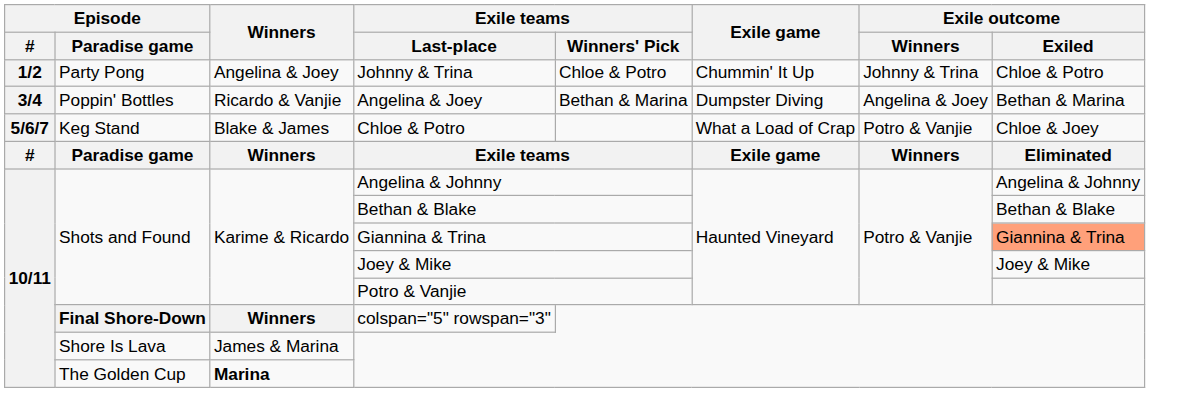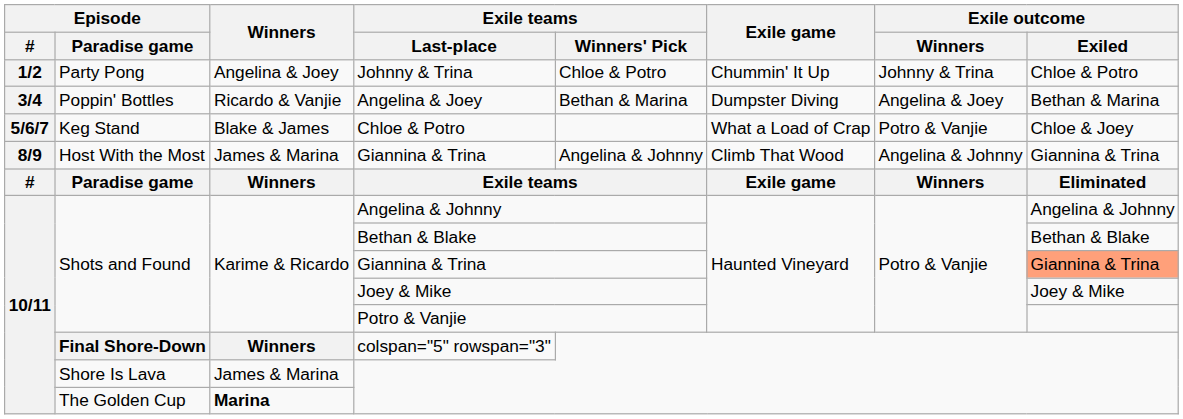 <table class="wikitable" style="font-size:90%; white-space:nowrap">
 <tr>
 <th colspan=2>Episode</th>
 <th rowspan=2>Winners</th>
 <th colspan=2>Exile teams</th>
 <th rowspan=2>Exile game</th>
 <th colspan=2>Exile outcome</th>
 </tr>
 <tr>
 <th>#</th>
 <th>Paradise game</th>
 <th>Last-place</th>
 <th>Winners' Pick</th>
 <th>Winners</th>
 <th>Exiled</th>
 </tr>
 <tr>
 <th>1/2</th>
 <td>Party Pong</td>
 <td>Angelina & Joey</td>
 <td>Johnny & Trina</td>
 <td>Chloe & Potro</td>
 <td>Chummin' It Up</td>
 <td>Johnny & Trina</td>
 <td>Chloe & Potro</td>
 </tr>
 <tr>
 <th>3/4</th>
 <td>Poppin' Bottles</td>
 <td>Ricardo & Vanjie</td>
 <td>Angelina & Joey</td>
 <td>Bethan & Marina</td>
 <td>Dumpster Diving</td>
 <td>Angelina & Joey</td>
 <td>Bethan & Marina</td>
 </tr>
 <tr>
 <th>5/6/7</th>
 <td>Keg Stand</td>
 <td>Blake & James</td>
 <td>Chloe & Potro</td>
 <td></td>
 <td>What a Load of Crap</td>
 <td>Potro & Vanjie</td>
 <td>Chloe & Joey</td>
+</tr>
+<tr>
+<th>8/9</th>
+<td>Host With the Most</td>
+<td>James & Marina</td>
+<td>Giannina & Trina</td>
+<td>Angelina & Johnny</td>
+<td>Climb That Wood</td>
+<td>Angelina & Johnny</td>
+<td>Giannina & Trina</td>
 </tr>
 <tr>
 <th>#</th>
 <th>Paradise game</th>
 <th>Winners</th>
 <th colspan=2>Exile teams</th>
 <th>Exile game</th>
 <th>Winners</th>
 <th>Eliminated</th>
 </tr>
 <tr>
 <th rowspan=8>10/11</th>
 <td rowspan=5>Shots and Found</td>
 <td rowspan=5>Karime & Ricardo</td>
 <td colspan=2>Angelina & Johnny</td>
 <td rowspan=5>Haunted Vineyard</td>
 <td rowspan=5>Potro & Vanjie</td>
 <td>Angelina & Johnny</td>
 </tr>
 <tr>
 <td colspan=2>Bethan & Blake</td>
 <td>Bethan & Blake</td>
 </tr>
 <tr>
 <td colspan=2>Giannina & Trina</td>
 <td style="background: lightsalmon;">Giannina & Trina</td>
 </tr>
 <tr>
 <td colspan=2>Joey & Mike</td>
 <td>Joey & Mike</td>
 </tr>
 <tr>
 <td colspan=2>Potro & Vanjie</td>
 <td></td>
 </tr>
 <tr>
 <th>Final Shore-Down</th>
 <th>Winners</th>
 <td>colspan="5" rowspan="3" </td>
 </tr>
 <tr>
 <td>Shore Is Lava</td>
 <td>James & Marina</td>
 </tr>
 <tr>
 <td>The Golden Cup</td>
 <td><strong>Marina</strong></td>
 </tr>
 </table>
